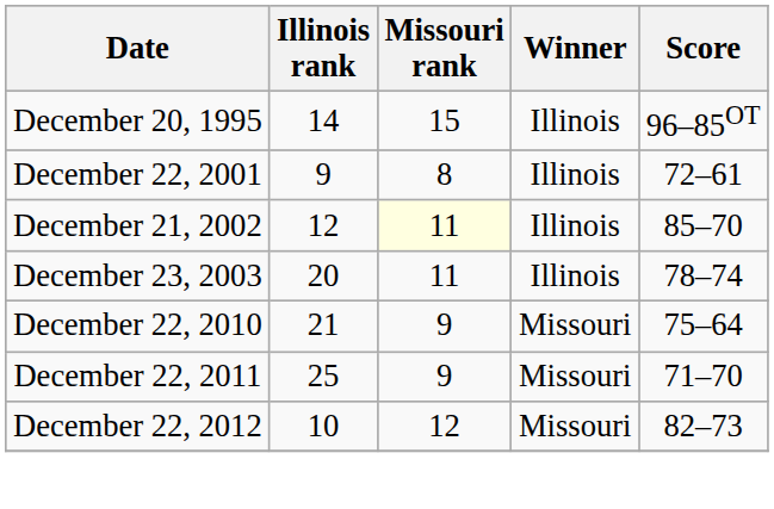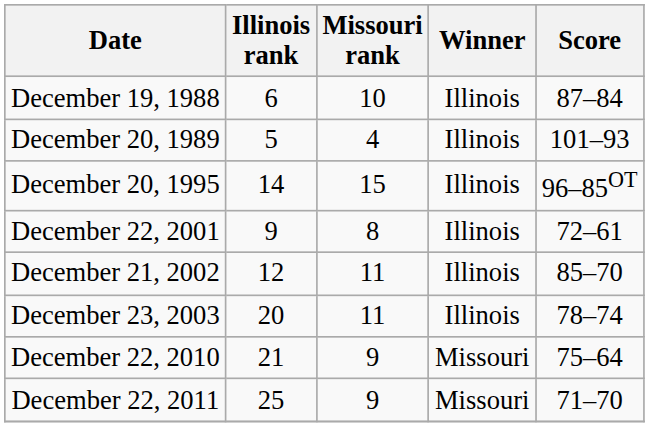 <table class="wikitable" style="text-align:right">
 <tr>
 <th>Date</th>
 <th>Illinois<br>rank</th>
 <th style=>Missouri<br>rank</th>
 <th>Winner</th>
 <th>Score</th>
+</tr>
+<tr>
+<td align="center">December 19, 1988</td>
+<td align="center">6</td>
+<td align="center">10</td>
+<td align="center" style=>Illinois</td>
+<td align="center">87–84</td>
+</tr>
+<tr>
+<td align="center">December 20, 1989</td>
+<td align="center">5</td>
+<td align="center">4</td>
+<td align="center" style=>Illinois</td>
+<td align="center">101–93</td>
 </tr>
 <tr>
 <td align="center">December 20, 1995</td>
 <td align="center">14</td>
 <td align="center">15</td>
 <td align="center" style=>Illinois</td>
 <td align="center">96–85<sup>OT</sup></td>
 </tr>
 <tr>
 <td align="center">December 22, 2001</td>
 <td align="center">9</td>
 <td align="center">8</td>
 <td align="center" style=>Illinois</td>
 <td align="center">72–61</td>
 </tr>
 <tr>
 <td align="center">December 21, 2002</td>
 <td align="center">12</td>
-<td align="center" style="background: lightyellow;">11</td>
+<td align="center">11</td>
 <td align="center" style=>Illinois</td>
 <td align="center">85–70</td>
 </tr>
 <tr>
 <td align="center">December 23, 2003</td>
 <td align="center">20</td>
 <td align="center">11</td>
 <td align="center" style=>Illinois</td>
 <td align="center">78–74</td>
 </tr>
 <tr>
 <td align="center">December 22, 2010</td>
 <td align="center">21</td>
 <td align="center">9</td>
 <td align="center" style=>Missouri</td>
 <td align="center">75–64</td>
 </tr>
 <tr>
 <td align="center">December 22, 2011</td>
 <td align="center">25</td>
 <td align="center">9</td>
 <td align="center" style=>Missouri</td>
 <td align="center">71–70</td>
 </tr>
 <tr>
-<td align="center">December 22, 2012</td>
-<td align="center">10</td>
-<td align="center">12</td>
-<td align="center" style=>Missouri</td>
-<td align="center">82–73</td>
-</tr>
-<tr>
 </tr>
 </table>
